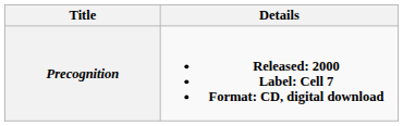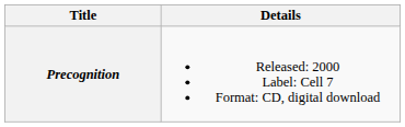 <table class="wikitable plainrowheaders" style="text-align:center;" border="1">
 <tr>
 <th scope="col" style="width:11em;">Title</th>
 <th scope="col" style="width:17em;">Details</th>
 </tr>
 <tr>
 <th scope="row"><em>Precognition</em></th>
-<td><strong><br><ul><li>Released: 2000</li><li>Label: Cell 7</li><li>Format: CD, digital download</li></ul></strong></td>
+<td><br><ul><li>Released: 2000</li><li>Label: Cell 7</li><li>Format: CD, digital download</li></ul></td>
 </tr>
 </table>
